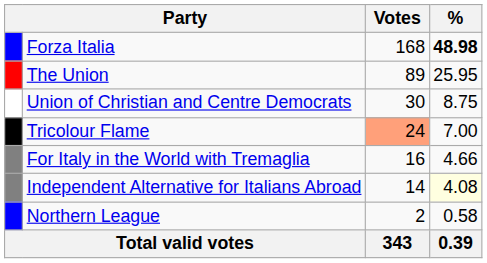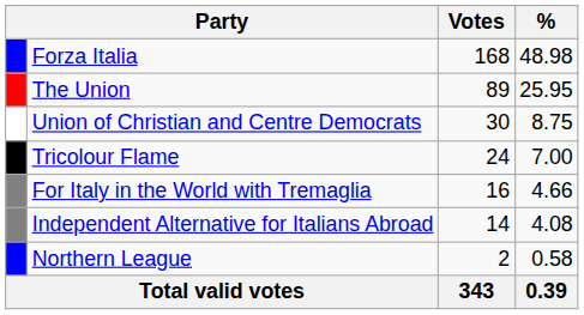 <table class="wikitable">
 <tr>
 <th colspan="2" style="width: 130px">Party</th>
 <th style="width: 50px">Votes</th>
 <th style="width: 40px">%</th>
 </tr>
 <tr>
 <td style="background-color:blue">  </td>
 <td style="text-align: left"><a href='#'>Forza Italia</a></td>
 <td style="text-align: right">168</td>
-<td style="text-align: right"><strong>48.98</strong></td>
+<td style="text-align: right">48.98</td>
 </tr>
 <tr>
 <td style="background-color:red">  </td>
 <td style="text-align: left"><a href='#'>The Union</a></td>
 <td style="text-align: right">89</td>
 <td style="text-align: right">25.95</td>
 </tr>
 <tr>
 <td style="background-color:white">  </td>
 <td style="text-align: left"><a href='#'>Union of Christian and Centre Democrats</a></td>
 <td align="right">30</td>
 <td align="right">8.75</td>
 </tr>
 <tr>
 <td style="background-color:black">  </td>
 <td style="text-align: left"><a href='#'>Tricolour Flame</a></td>
-<td align="right" style="background: lightsalmon;">24</td>
+<td align="right">24</td>
 <td align="right">7.00</td>
 </tr>
 <tr>
 <td style="background-color:grey">  </td>
 <td style="text-align: left"><a href='#'>For Italy in the World with Tremaglia</a></td>
 <td align="right">16</td>
 <td align="right">4.66</td>
 </tr>
 <tr>
 <td style="background-color:grey">  </td>
 <td style="text-align: left"><a href='#'>Independent Alternative for Italians Abroad</a></td>
 <td align="right">14</td>
-<td align="right" style="background: lightyellow;">4.08</td>
+<td align="right">4.08</td>
 </tr>
 <tr>
 <td style="background-color:blue">  </td>
 <td style="text-align: left"><a href='#'>Northern League</a></td>
 <td align="right">2</td>
 <td align="right">0.58</td>
 </tr>
 <tr bgcolor="white">
 <th align="right" colspan=2>Total valid votes</th>
 <th align="right">343</th>
 <th align="right">0.39</th>
 </tr>
 </table>
